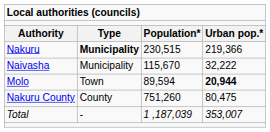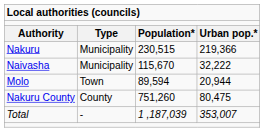 <table class="wikitable">
 <tr>
 <td colspan="4"><strong>Local authorities (councils)</strong></td>
 </tr>
 <tr>
 <td colspan="4"></td>
 </tr>
 <tr>
 <th>Authority</th>
 <th>Type</th>
 <th>Population*</th>
 <th>Urban pop.*</th>
 </tr>
 <tr>
 <td><a href='#'>Nakuru</a></td>
-<td><strong>Municipality</strong></td>
+<td>Municipality</td>
 <td>230,515</td>
 <td>219,366</td>
 </tr>
 <tr>
 <td><a href='#'>Naivasha</a></td>
 <td>Municipality</td>
 <td>115,670</td>
 <td>32,222</td>
 </tr>
 <tr>
 <td><a href='#'>Molo</a></td>
 <td>Town</td>
 <td>89,594</td>
-<td><strong>20,944</strong></td>
+<td>20,944</td>
 </tr>
 <tr>
 <td><a href='#'>Nakuru County</a></td>
 <td>County</td>
 <td>751,260</td>
 <td>80,475</td>
 </tr>
 <tr>
 <td><em>Total</em></td>
 <td>-</td>
 <td><em>1 ,187,039</em></td>
 <td><em>353,007</em></td>
 </tr>
 <tr>
 <td colspan="4"></td>
 </tr>
 </table>
